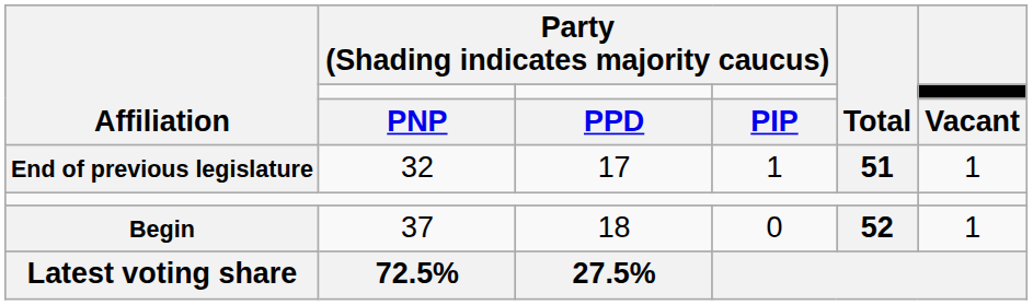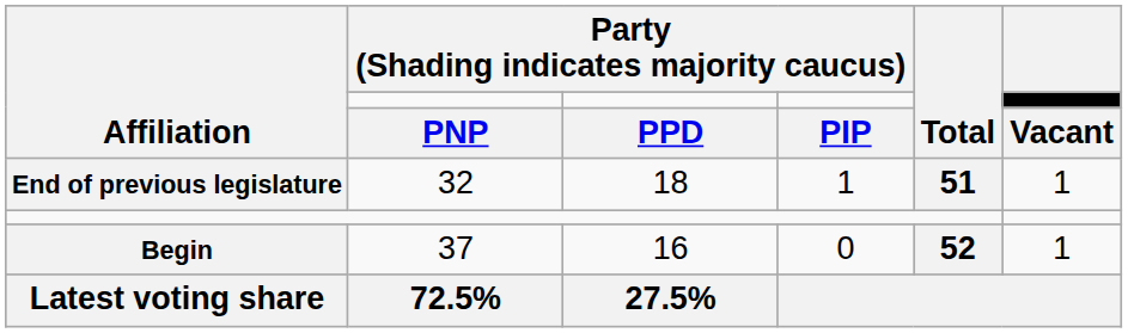 <table class=wikitable style="text-align:center">
 <tr valign=bottom>
 <th rowspan=3>Affiliation</th>
 <th colspan=3>Party <div>(Shading indicates majority caucus)</div></th>
 <th rowspan=3>Total</th>
 <th></th>
 </tr>
 <tr style="height:5px">
 <td style="background-color:"></td>
 <td style="background-color:"></td>
 <td style="background-color:"></td>
 <td bgcolor=black></td>
 </tr>
 <tr>
 <th><a href='#'>PNP</a></th>
 <th><a href='#'>PPD</a></th>
 <th><a href='#'>PIP</a></th>
 <th>Vacant</th>
 </tr>
 <tr>
 <th nowrap style="font-size:80%">End of previous legislature</th>
 <td>32</td>
-<td>17</td>
+<td>18</td>
 <td>1</td>
 <th>51</th>
 <td>1</td>
 </tr>
 <tr>
 <td colspan=5></td>
 </tr>
 <tr>
 <th nowrap style="font-size:80%">Begin</th>
 <td>37</td>
-<td>18</td>
+<td>16</td>
 <td>0</td>
 <th>52</th>
 <td>1</td>
 </tr>
 <tr>
 <th>Latest voting share</th>
 <th>72.5% </th>
 <th>27.5%</th>
 <th colspan=3></th>
 </tr>
 </table>
